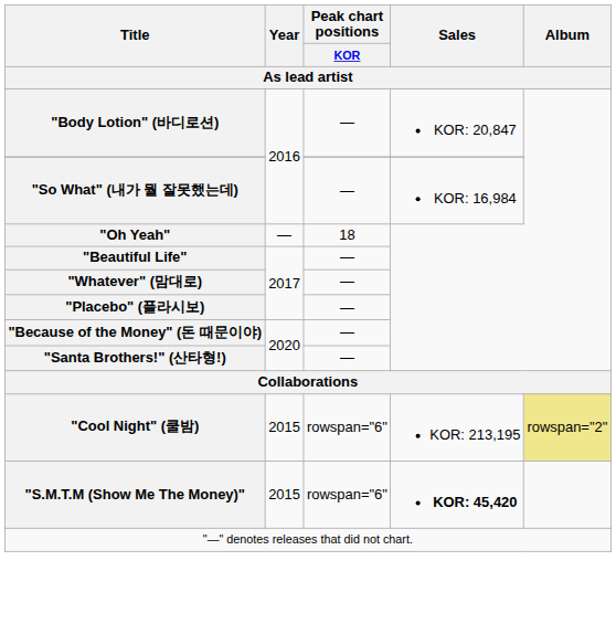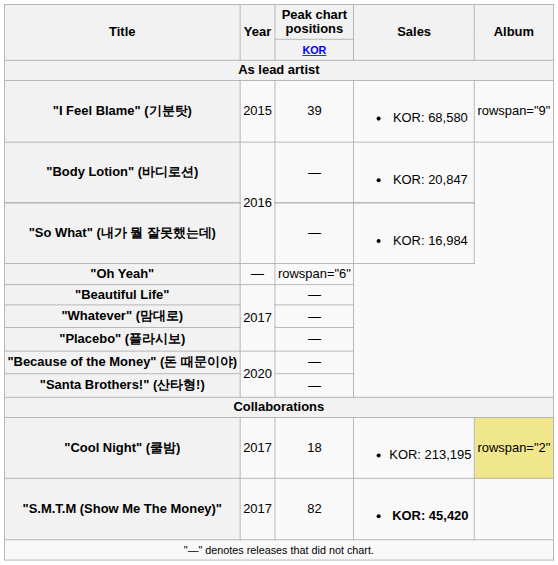 <table class="wikitable plainrowheaders" style="text-align:center;">
 <tr>
 <th scope="col" rowspan="2">Title</th>
 <th scope="col" rowspan="2">Year</th>
 <th scope="col" colspan="1" style="width:5em;">Peak chart positions</th>
 <th scope="col" rowspan="2">Sales</th>
 <th scope="col" rowspan="2">Album</th>
 </tr>
 <tr>
 <th><small><a href='#'>KOR</a></small><br></th>
 </tr>
 <tr>
 <th scope="col" colspan="5">As lead artist</th>
+</tr>
+<tr>
+<th scope="row">"I Feel Blame" (기분탓)<br></th>
+<td>2015</td>
+<td>39</td>
+<td><br><ul><li>KOR: 68,580</li></ul></td>
+<td>rowspan="9" </td>
 </tr>
 <tr>
 <th scope="row">"Body Lotion" (바디로션)<br></th>
 <td rowspan="3">2016</td>
 <td>—</td>
 <td><br><ul><li>KOR: 20,847</li></ul></td>
 </tr>
 <tr>
 </tr>
 <tr>
 <th scope="row">"So What" (내가 뭘 잘못했는데)<br></th>
 <td>—</td>
 <td><br><ul><li>KOR: 16,984</li></ul></td>
 </tr>
 <tr>
 <th scope="row">"Oh Yeah"</th>
 <td>—</td>
-<td>18</td>
+<td>rowspan="6" </td>
 </tr>
 <tr>
 <th scope="row">"Beautiful Life"</th>
 <td rowspan="3">2017</td>
 <td>—</td>
 </tr>
 <tr>
 <th scope="row">"Whatever" (맘대로)<br></th>
 <td>—</td>
 </tr>
 <tr>
 <th scope="row">"Placebo" (플라시보)<br></th>
 <td>—</td>
 </tr>
 <tr>
 <th scope="row">"Because of the Money" (돈 때문이야)<br></th>
 <td rowspan="2">2020</td>
 <td>—</td>
 </tr>
 <tr>
 <th scope="row">"Santa Brothers!" (산타형!)<br></th>
 <td>—</td>
 </tr>
 <tr>
 <th scope="col" colspan="5">Collaborations</th>
 </tr>
 <tr>
 <th scope="row">"Cool Night" (쿨밤)<br></th>
-<td>2015</td>
-<td>rowspan="6" </td>
+<td>2017</td>
+<td>18</td>
 <td><br><ul><li>KOR: 213,195</li></ul></td>
 <td style="background: khaki;">rowspan="2" </td>
 </tr>
 <tr>
 <th scope="row">"S.M.T.M (Show Me The Money)"<br></th>
-<td>2015</td>
-<td>rowspan="6" </td>
+<td>2017</td>
+<td>82</td>
 <td><strong><br><ul><li>KOR: 45,420</li></ul></strong></td>
 </tr>
 <tr>
 <td colspan="5" align="center"><small>"—" denotes releases that did not chart.</small></td>
 </tr>
 </table>
